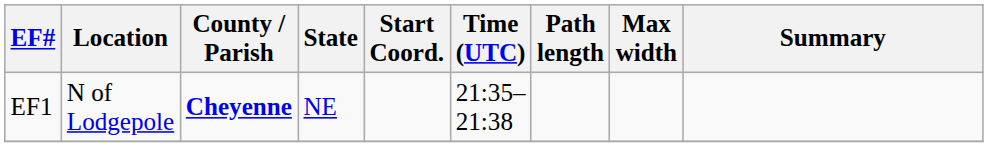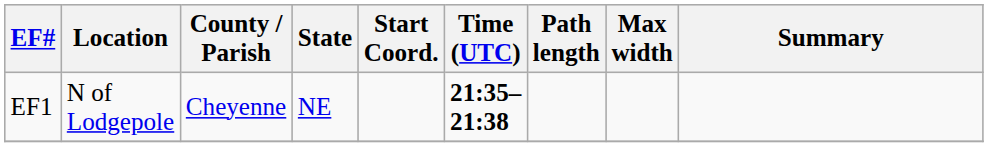 <table class="wikitable sortable" style="width:100%;">
 <tr>
 <th scope="col"  style="width:3%; text-align:center;"><a href='#'>EF#</a></th>
 <th scope="col"  style="width:7%; text-align:center;" class="unsortable">Location</th>
 <th scope="col"  style="width:6%; text-align:center;" class="unsortable">County / Parish</th>
 <th scope="col"  style="width:5%; text-align:center;">State</th>
 <th scope="col"  style="width:6%; text-align:center;">Start Coord.</th>
 <th scope="col"  style="width:6%; text-align:center;">Time (<a href='#'>UTC</a>)</th>
 <th scope="col"  style="width:6%; text-align:center;">Path length</th>
 <th scope="col"  style="width:6%; text-align:center;">Max width</th>
 <th scope="col" class="unsortable" style="width:48%; text-align:center;">Summary</th>
 </tr>
 <tr>
 <td>EF1</td>
 <td>N of <a href='#'>Lodgepole</a></td>
-<td><strong><a href='#'>Cheyenne</a></strong></td>
+<td><a href='#'>Cheyenne</a></td>
 <td><a href='#'>NE</a></td>
 <td></td>
-<td>21:35–21:38</td>
+<td><strong>21:35–21:38</strong></td>
 <td></td>
 <td></td>
 <td></td>
 </tr>
 <tr>
 </tr>
 </table>
